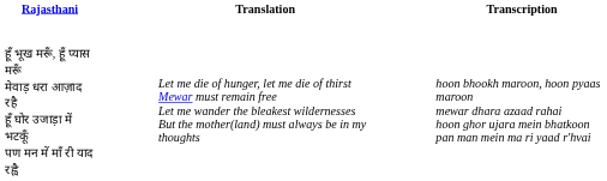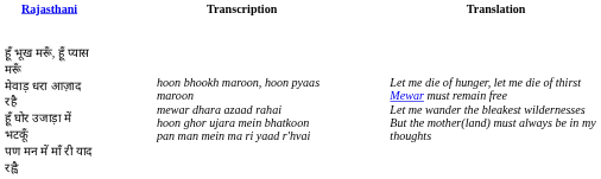 <table>
 <tr>
 <th><a href='#'>Rajasthani</a></th>
+<th>Transcription</th>
 <th>Translation</th>
-<th>Transcription</th>
 </tr>
 <tr>
 <td><br><blockquote> हूँ भूख मरूँ, हूँ प्यास मरूँ<br> मेवाड़ धरा आज़ाद रहै<br> हूँ घोर उजाड़ा में भटकूँ<br> पण मन में माँ री याद रह्वै<br> </blockquote></td>
+<td><br><blockquote> <em>hoon bhookh maroon, hoon pyaas maroon</em><br> <em>mewar dhara azaad rahai</em><br> <em>hoon ghor ujara mein bhatkoon</em><br> <em>pan man mein ma ri yaad r'hvai</em><br> </blockquote></td>
 <td><br><blockquote> <em>Let me die of hunger, let me die of thirst</em><br> <em><a href='#'>Mewar</a> must remain free</em><br> <em>Let me wander the bleakest wildernesses</em><br> <em>But the mother(land) must always be in my thoughts</em><br> </blockquote></td>
-<td><br><blockquote> <em>hoon bhookh maroon, hoon pyaas maroon</em><br> <em>mewar dhara azaad rahai</em><br> <em>hoon ghor ujara mein bhatkoon</em><br> <em>pan man mein ma ri yaad r'hvai</em><br> </blockquote></td>
 </tr>
 </table>
